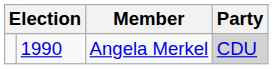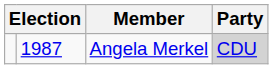 <table class="wikitable">
 <tr>
 <th colspan=2>Election</th>
 <th>Member</th>
 <th>Party</th>
 </tr>
 <tr>
 <td style="background-color: "></td>
-<td><a href='#'>1990</a></td>
+<td><a href='#'>1987</a></td>
 <td><a href='#'>Angela Merkel</a></td>
 <td style="background: lightgrey;"><a href='#'>CDU</a></td>
 </tr>
 </table>
